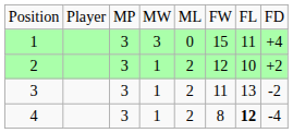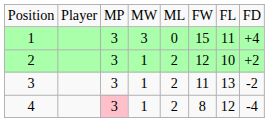 <table class="wikitable" style="text-align: center;">
 <tr>
 <td>Position</td>
 <td>Player</td>
 <td>MP</td>
 <td>MW</td>
 <td>ML</td>
 <td>FW</td>
 <td>FL</td>
 <td>FD</td>
 </tr>
 <tr style="background:#afa;">
 <td>1</td>
 <td style="text-align:left;"></td>
 <td>3</td>
 <td>3</td>
 <td>0</td>
 <td>15</td>
 <td>11</td>
 <td>+4</td>
 </tr>
 <tr style="background:#afa;">
 <td>2</td>
 <td style="text-align:left;"></td>
 <td>3</td>
 <td>1</td>
 <td>2</td>
 <td>12</td>
 <td>10</td>
 <td>+2</td>
 </tr>
 <tr>
 <td>3</td>
 <td style="text-align:left;"></td>
 <td>3</td>
 <td>1</td>
 <td>2</td>
 <td>11</td>
 <td>13</td>
 <td>-2</td>
 </tr>
 <tr>
 <td>4</td>
 <td style="text-align:left;"></td>
-<td>3</td>
+<td style="background: pink;">3</td>
 <td>1</td>
 <td>2</td>
 <td>8</td>
-<td><strong>12</strong></td>
+<td>12</td>
 <td>-4</td>
 </tr>
 </table>
